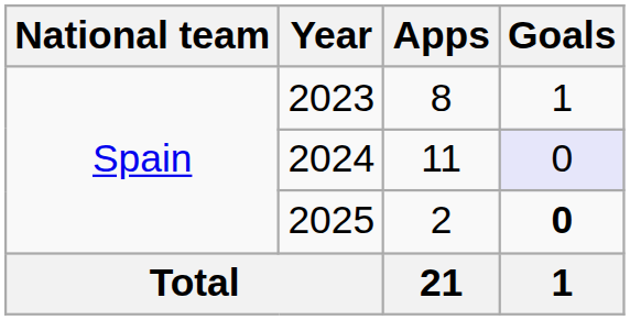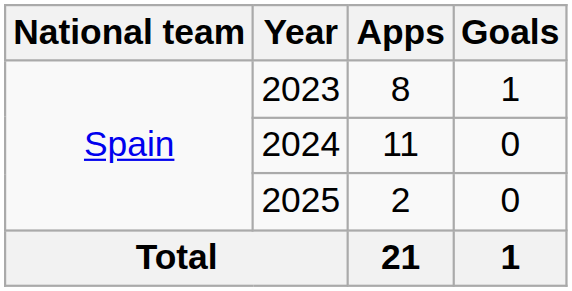 <table class="wikitable" style="text-align: center;">
 <tr>
 <th>National team</th>
 <th>Year</th>
 <th>Apps</th>
 <th>Goals</th>
 </tr>
 <tr>
 <td rowspan="3"><a href='#'>Spain</a></td>
 <td>2023</td>
 <td>8</td>
 <td>1</td>
 </tr>
 <tr>
 <td>2024</td>
 <td>11</td>
-<td style="background: lavender;">0</td>
+<td>0</td>
 </tr>
 <tr>
 <td>2025</td>
 <td>2</td>
-<td><strong>0</strong></td>
+<td>0</td>
 </tr>
 <tr>
 <th colspan="2">Total</th>
 <th>21</th>
 <th>1</th>
 </tr>
 </table>
